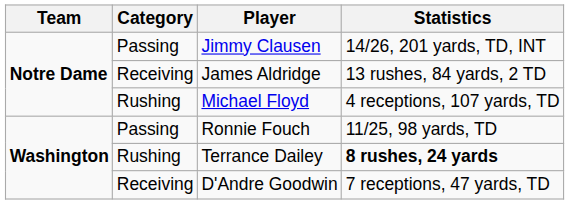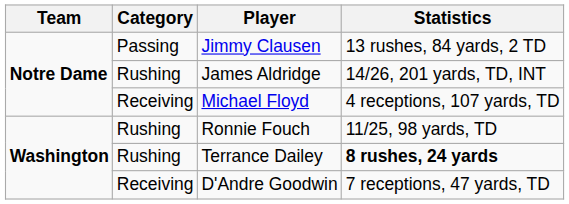 <table class="wikitable" style="float: right;">
 <tr>
 <th>Team</th>
 <th>Category</th>
 <th>Player</th>
 <th>Statistics</th>
 </tr>
 <tr>
 <td rowspan=3><strong>Notre Dame</strong></td>
 <td>Passing</td>
 <td><a href='#'>Jimmy Clausen</a></td>
+<td>13 rushes, 84 yards, 2 TD</td>
+</tr>
+<tr>
+<td>Rushing</td>
+<td>James Aldridge</td>
 <td>14/26, 201 yards, TD, INT</td>
 </tr>
 <tr>
 <td>Receiving</td>
-<td>James Aldridge</td>
-<td>13 rushes, 84 yards, 2 TD</td>
-</tr>
-<tr>
-<td>Rushing</td>
 <td><a href='#'>Michael Floyd</a></td>
 <td>4 receptions, 107 yards, TD</td>
 </tr>
 <tr>
 <td rowspan=3><strong>Washington</strong></td>
-<td>Passing</td>
+<td>Rushing</td>
 <td>Ronnie Fouch</td>
 <td>11/25, 98 yards, TD</td>
 </tr>
 <tr>
 <td>Rushing</td>
 <td>Terrance Dailey</td>
 <td><strong>8 rushes, 24 yards</strong></td>
 </tr>
 <tr>
 <td>Receiving</td>
 <td>D'Andre Goodwin</td>
 <td>7 receptions, 47 yards, TD</td>
 </tr>
 </table>
